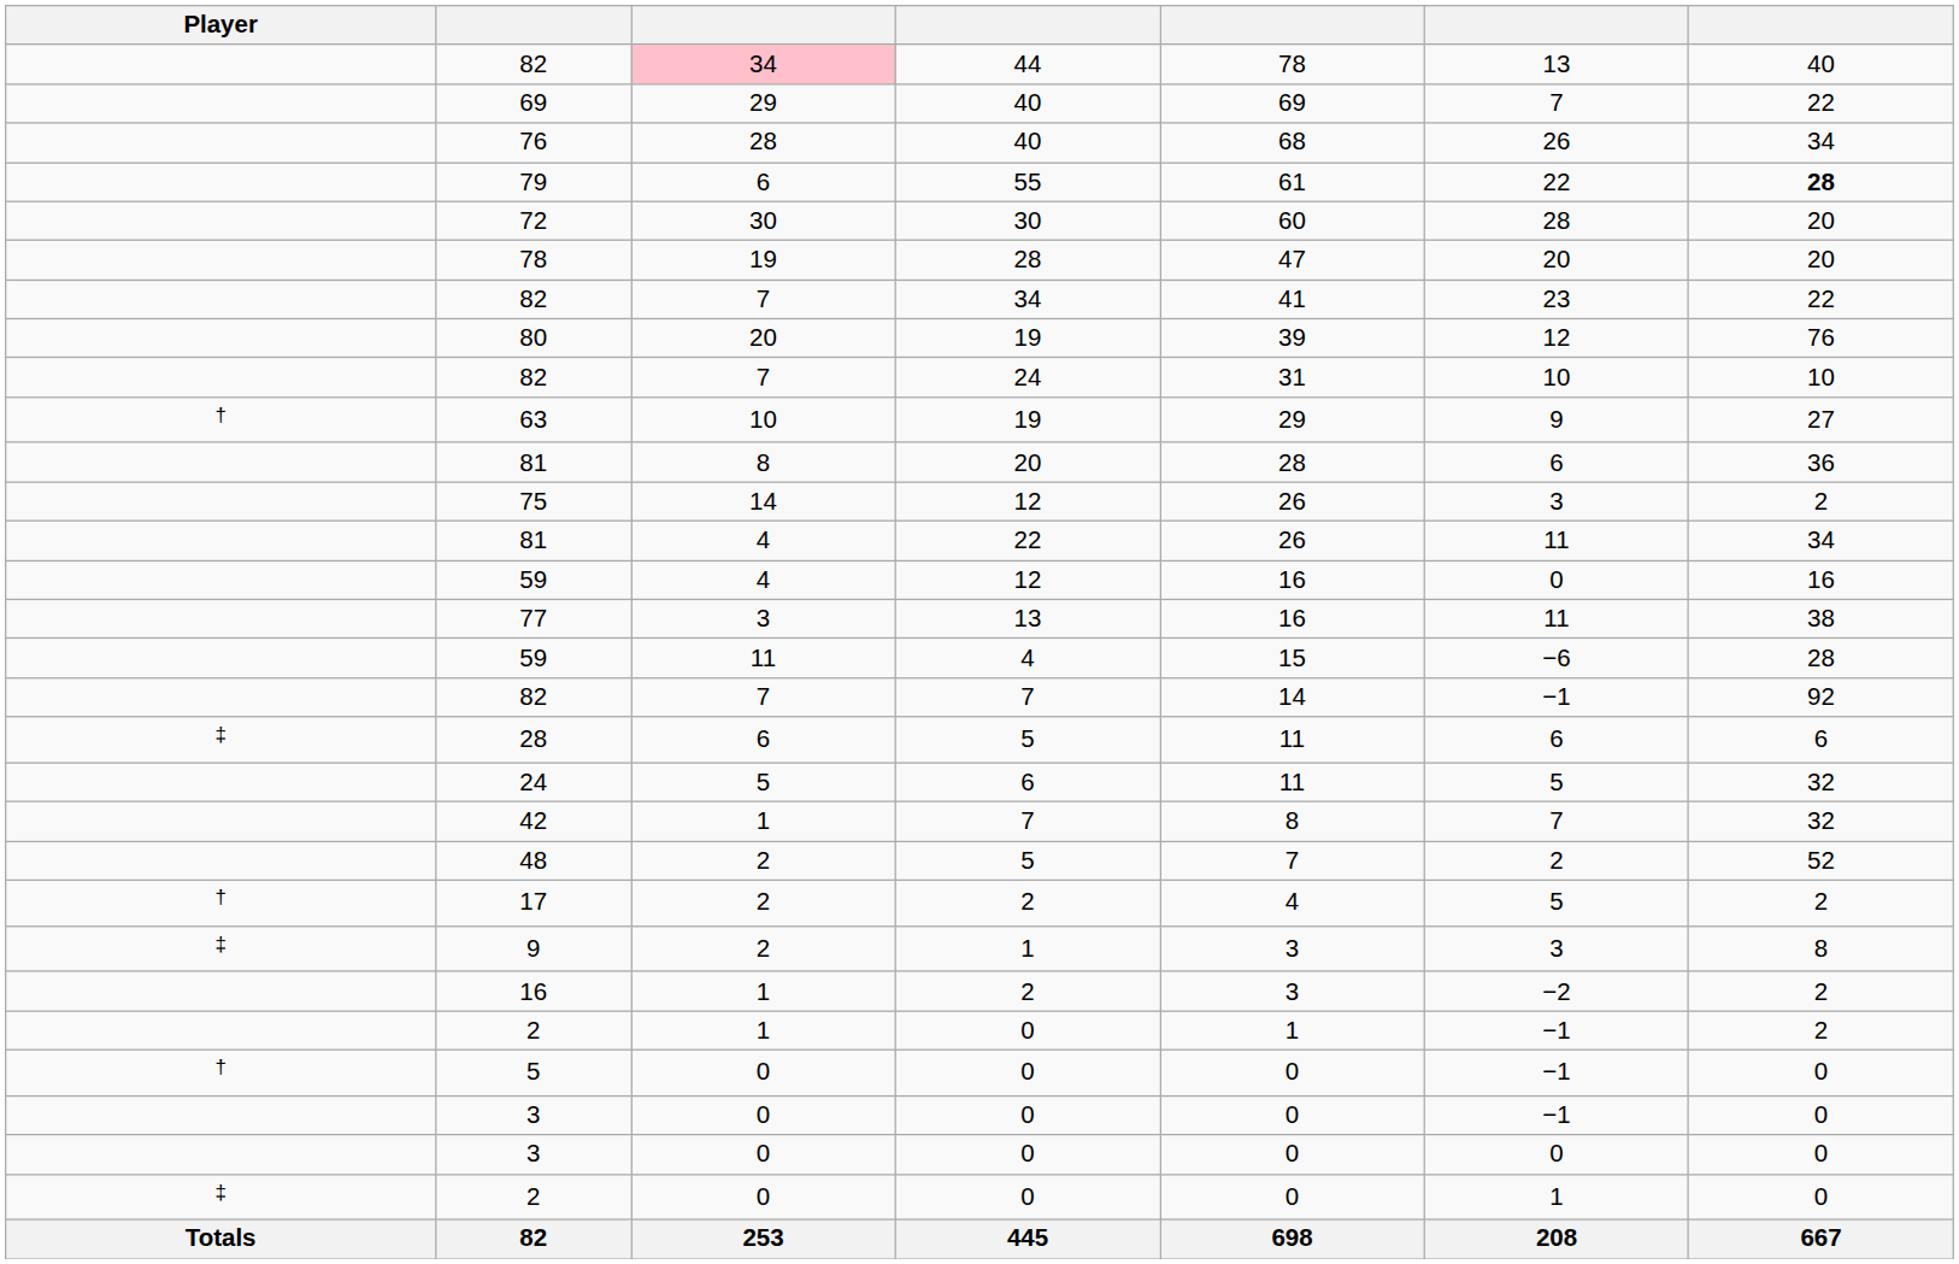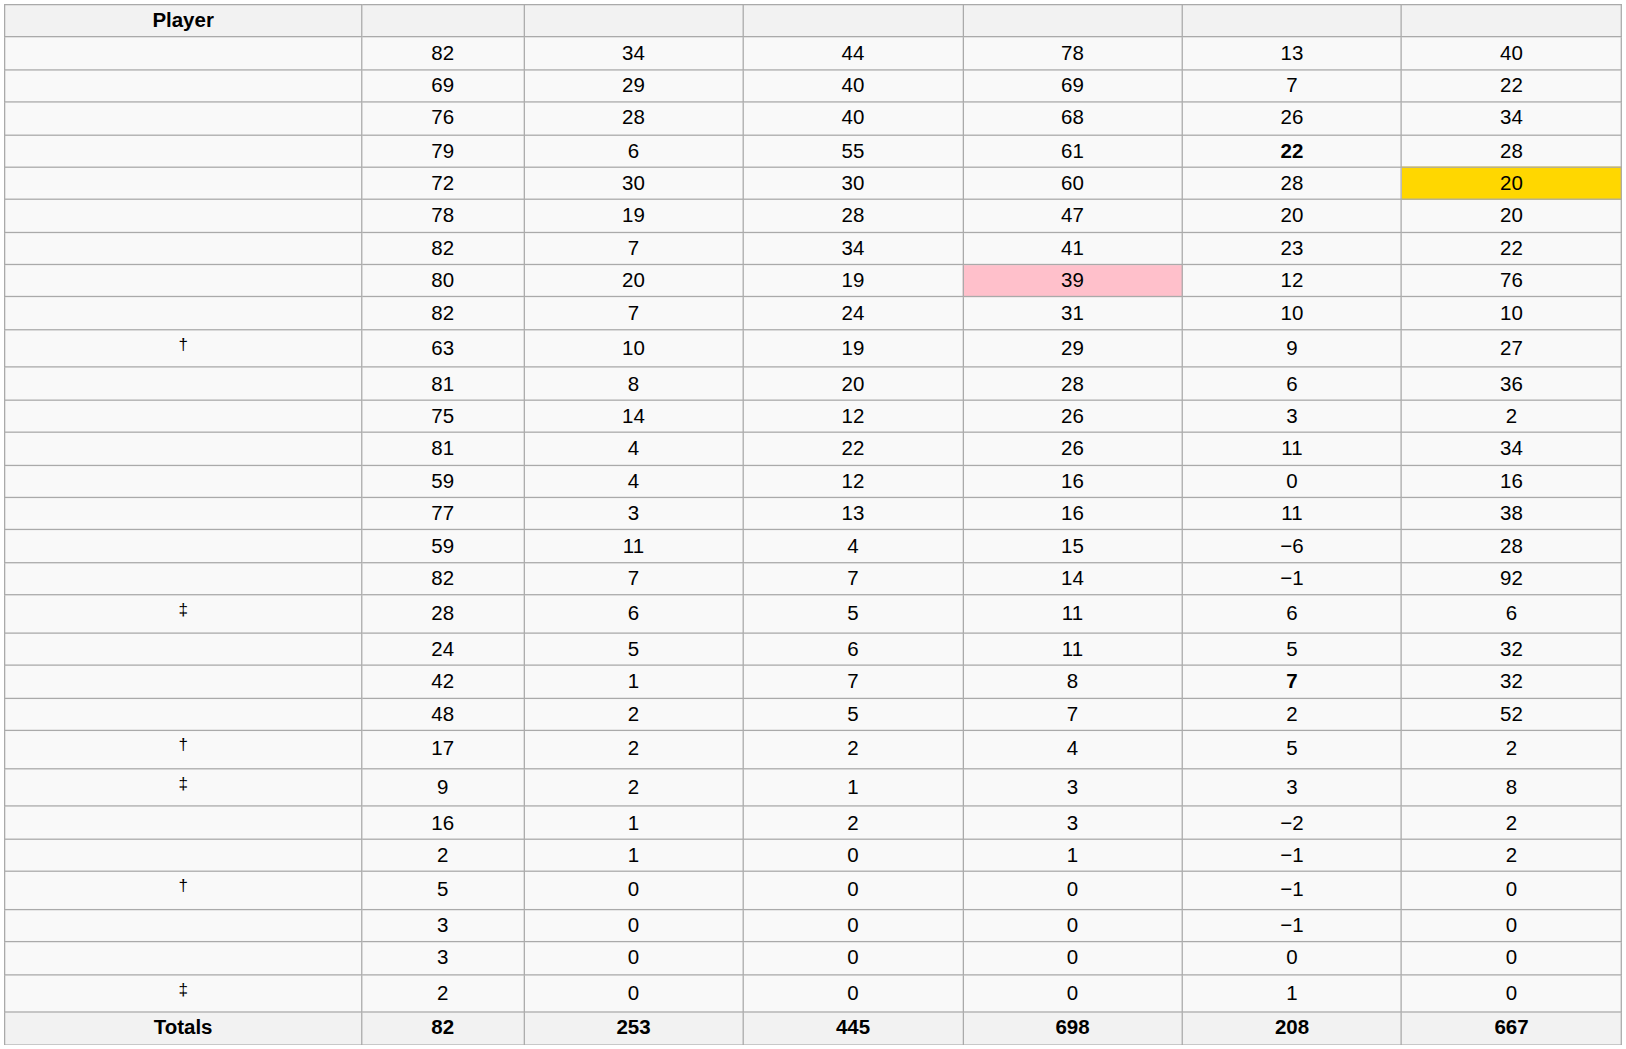 <table class="wikitable sortable" style="width:100%;">
 <tr align=center>
 <th>Player</th>
 <th></th>
 <th></th>
 <th></th>
 <th></th>
 <th data-sort-type="number"></th>
 <th></th>
 </tr>
 <tr align=center>
 <td></td>
 <td>82</td>
-<td style="background: pink;">34</td>
+<td>34</td>
 <td>44</td>
 <td>78</td>
 <td>13</td>
 <td>40</td>
 </tr>
 <tr align=center>
 <td></td>
 <td>69</td>
 <td>29</td>
 <td>40</td>
 <td>69</td>
 <td>7</td>
 <td>22</td>
 </tr>
 <tr align=center>
 <td></td>
 <td>76</td>
 <td>28</td>
 <td>40</td>
 <td>68</td>
 <td>26</td>
 <td>34</td>
 </tr>
 <tr align=center>
 <td></td>
 <td>79</td>
 <td>6</td>
 <td>55</td>
 <td>61</td>
-<td>22</td>
-<td><strong>28</strong></td>
+<td><strong>22</strong></td>
+<td>28</td>
 </tr>
 <tr align=center>
 <td></td>
 <td>72</td>
 <td>30</td>
 <td>30</td>
 <td>60</td>
 <td>28</td>
-<td>20</td>
+<td style="background: gold;">20</td>
 </tr>
 <tr align=center>
 <td></td>
 <td>78</td>
 <td>19</td>
 <td>28</td>
 <td>47</td>
 <td>20</td>
 <td>20</td>
 </tr>
 <tr align=center>
 <td></td>
 <td>82</td>
 <td>7</td>
 <td>34</td>
 <td>41</td>
 <td>23</td>
 <td>22</td>
 </tr>
 <tr align=center>
 <td></td>
 <td>80</td>
 <td>20</td>
 <td>19</td>
-<td>39</td>
+<td style="background: pink;">39</td>
 <td>12</td>
 <td>76</td>
 </tr>
 <tr align=center>
 <td></td>
 <td>82</td>
 <td>7</td>
 <td>24</td>
 <td>31</td>
 <td>10</td>
 <td>10</td>
 </tr>
 <tr align=center>
 <td><sup>†</sup></td>
 <td>63</td>
 <td>10</td>
 <td>19</td>
 <td>29</td>
 <td>9</td>
 <td>27</td>
 </tr>
 <tr align=center>
 <td></td>
 <td>81</td>
 <td>8</td>
 <td>20</td>
 <td>28</td>
 <td>6</td>
 <td>36</td>
 </tr>
 <tr align=center>
 <td></td>
 <td>75</td>
 <td>14</td>
 <td>12</td>
 <td>26</td>
 <td>3</td>
 <td>2</td>
 </tr>
 <tr align=center>
 <td></td>
 <td>81</td>
 <td>4</td>
 <td>22</td>
 <td>26</td>
 <td>11</td>
 <td>34</td>
 </tr>
 <tr align=center>
 <td></td>
 <td>59</td>
 <td>4</td>
 <td>12</td>
 <td>16</td>
 <td>0</td>
 <td>16</td>
 </tr>
 <tr align=center>
 <td></td>
 <td>77</td>
 <td>3</td>
 <td>13</td>
 <td>16</td>
 <td>11</td>
 <td>38</td>
 </tr>
 <tr align=center>
 <td></td>
 <td>59</td>
 <td>11</td>
 <td>4</td>
 <td>15</td>
 <td>−6</td>
 <td>28</td>
 </tr>
 <tr align=center>
 <td></td>
 <td>82</td>
 <td>7</td>
 <td>7</td>
 <td>14</td>
 <td>−1</td>
 <td>92</td>
 </tr>
 <tr align=center>
 <td><sup>‡</sup></td>
 <td>28</td>
 <td>6</td>
 <td>5</td>
 <td>11</td>
 <td>6</td>
 <td>6</td>
 </tr>
 <tr align=center>
 <td></td>
 <td>24</td>
 <td>5</td>
 <td>6</td>
 <td>11</td>
 <td>5</td>
 <td>32</td>
 </tr>
 <tr align=center>
 <td></td>
 <td>42</td>
 <td>1</td>
 <td>7</td>
 <td>8</td>
-<td>7</td>
+<td><strong>7</strong></td>
 <td>32</td>
 </tr>
 <tr align=center>
 <td></td>
 <td>48</td>
 <td>2</td>
 <td>5</td>
 <td>7</td>
 <td>2</td>
 <td>52</td>
 </tr>
 <tr align=center>
 <td><sup>†</sup></td>
 <td>17</td>
 <td>2</td>
 <td>2</td>
 <td>4</td>
 <td>5</td>
 <td>2</td>
 </tr>
 <tr align=center>
 <td><sup>‡</sup></td>
 <td>9</td>
 <td>2</td>
 <td>1</td>
 <td>3</td>
 <td>3</td>
 <td>8</td>
 </tr>
 <tr align=center>
 <td></td>
 <td>16</td>
 <td>1</td>
 <td>2</td>
 <td>3</td>
 <td>−2</td>
 <td>2</td>
 </tr>
 <tr align=center>
 <td></td>
 <td>2</td>
 <td>1</td>
 <td>0</td>
 <td>1</td>
 <td>−1</td>
 <td>2</td>
 </tr>
 <tr align=center>
 <td><sup>†</sup></td>
 <td>5</td>
 <td>0</td>
 <td>0</td>
 <td>0</td>
 <td>−1</td>
 <td>0</td>
 </tr>
 <tr align=center>
 <td></td>
 <td>3</td>
 <td>0</td>
 <td>0</td>
 <td>0</td>
 <td>−1</td>
 <td>0</td>
 </tr>
 <tr align=center>
 <td></td>
 <td>3</td>
 <td>0</td>
 <td>0</td>
 <td>0</td>
 <td>0</td>
 <td>0</td>
 </tr>
 <tr align=center>
 <td><sup>‡</sup></td>
 <td>2</td>
 <td>0</td>
 <td>0</td>
 <td>0</td>
 <td>1</td>
 <td>0</td>
 </tr>
 <tr class="unsortable">
 <th>Totals</th>
 <th>82</th>
 <th>253</th>
 <th>445</th>
 <th>698</th>
 <th>208</th>
 <th>667</th>
 </tr>
 <tr>
 </tr>
 </table>
